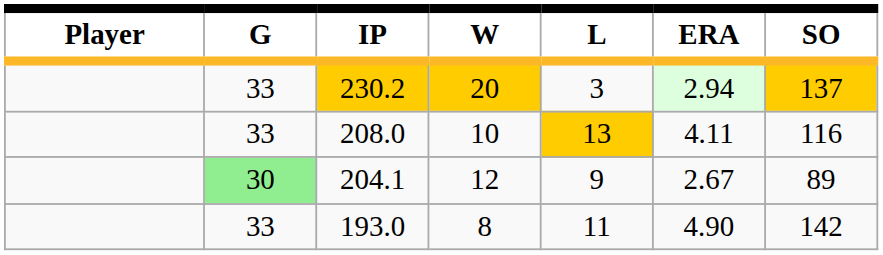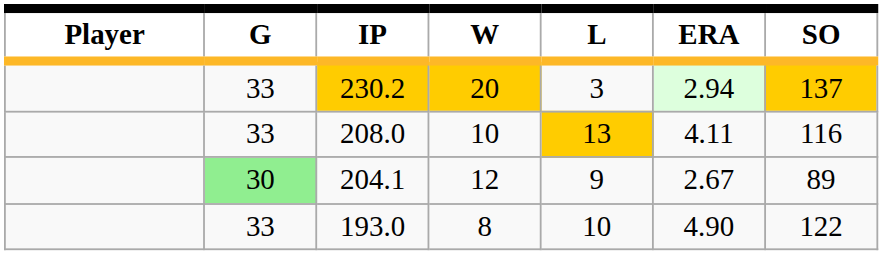 <table class="wikitable sortable">
 <tr>
 <th style="background:#FFFFFF; border-top:#000000 5px solid; border-bottom:#FDB827 5px solid;" width="16%">Player</th>
 <th style="background:#FFFFFF; border-top:#000000 5px solid; border-bottom:#FDB827 5px solid;" width="9%">G</th>
 <th style="background:#FFFFFF; border-top:#000000 5px solid; border-bottom:#FDB827 5px solid;" width="9%">IP</th>
 <th style="background:#FFFFFF; border-top:#000000 5px solid; border-bottom:#FDB827 5px solid;" width="9%">W</th>
 <th style="background:#FFFFFF; border-top:#000000 5px solid; border-bottom:#FDB827 5px solid;" width="9%">L</th>
 <th style="background:#FFFFFF; border-top:#000000 5px solid; border-bottom:#FDB827 5px solid;" width="9%">ERA</th>
 <th style="background:#FFFFFF; border-top:#000000 5px solid; border-bottom:#FDB827 5px solid;" width="9%">SO</th>
 </tr>
 <tr align="center">
 <td></td>
 <td>33</td>
 <td style="background:#fc0;">230.2</td>
 <td style="background:#fc0;">20</td>
 <td>3</td>
 <td style="background:#DDFFDD;">2.94</td>
 <td style="background:#fc0;">137</td>
 </tr>
 <tr align="center">
 <td></td>
 <td>33</td>
 <td>208.0</td>
 <td>10</td>
 <td style="background:#fc0;">13</td>
 <td>4.11</td>
 <td>116</td>
 </tr>
 <tr align="center">
 <td></td>
 <td style="background: lightgreen;">30</td>
 <td>204.1</td>
 <td>12</td>
 <td>9</td>
 <td>2.67</td>
 <td>89</td>
 </tr>
 <tr align="center">
 <td></td>
 <td>33</td>
 <td>193.0</td>
 <td>8</td>
-<td>11</td>
+<td>10</td>
 <td>4.90</td>
-<td>142</td>
+<td>122</td>
 </tr>
 </table>
